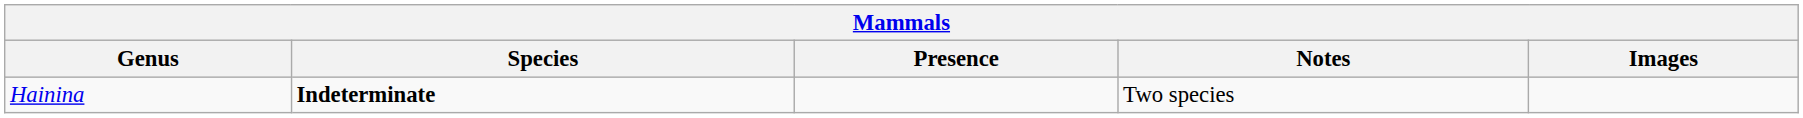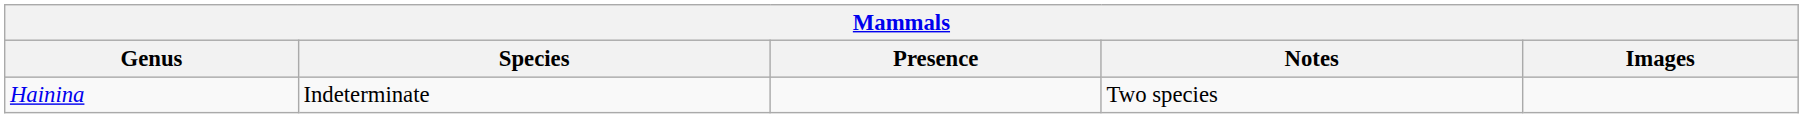 <table class="wikitable" align="center" width="100%">
 <tr>
 <th colspan="5" align="center"><strong><a href='#'>Mammals</a></strong></th>
 </tr>
 <tr>
 <th>Genus</th>
 <th>Species</th>
 <th>Presence</th>
 <th>Notes</th>
 <th>Images</th>
 </tr>
 <tr>
 <td><em><a href='#'>Hainina</a></em></td>
-<td><strong>Indeterminate</strong></td>
+<td>Indeterminate</td>
 <td></td>
 <td>Two species</td>
 <td></td>
 </tr>
 </table>
